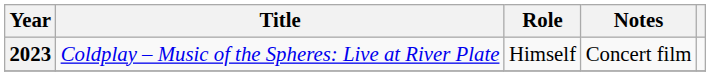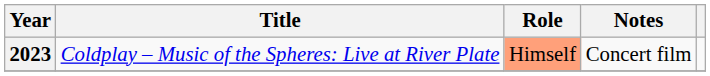 <table class="wikitable plainrowheaders" style="margin-right: 0;">
 <tr>
 <th scope="col">Year</th>
 <th scope="col">Title</th>
 <th scope="col">Role</th>
 <th scope="col">Notes</th>
 <th scope="col"></th>
 </tr>
 <tr>
 <th scope="row">2023</th>
 <td><em><a href='#'>Coldplay – Music of the Spheres: Live at River Plate</a></em></td>
-<td>Himself</td>
+<td style="background: lightsalmon;">Himself</td>
 <td>Concert film</td>
 <td style="text-align:center"></td>
 </tr>
 <tr>
 </tr>
 </table>
